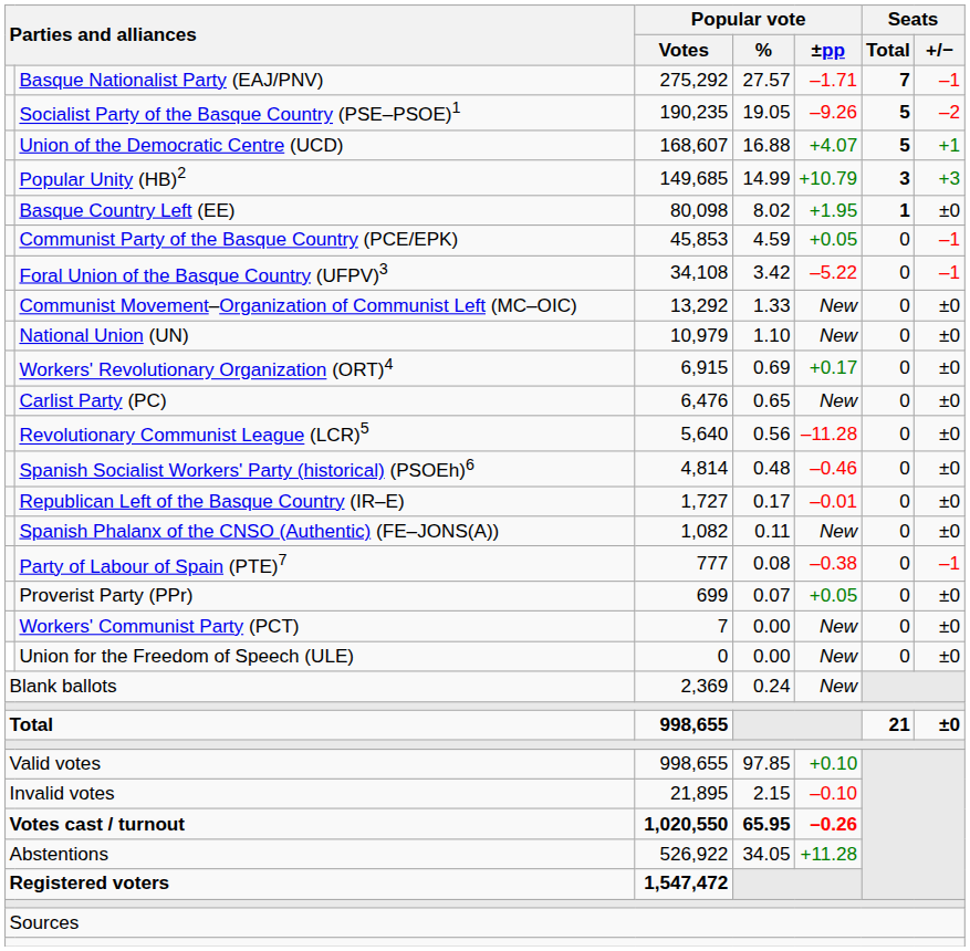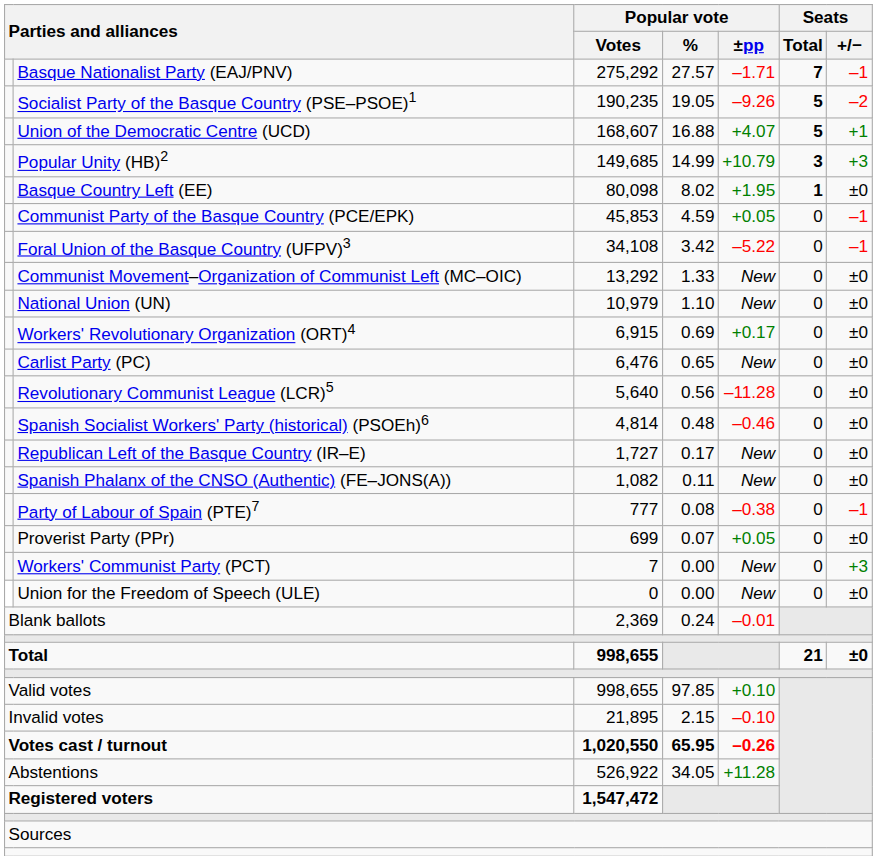 <table class="wikitable" style="text-align:right;">
 <tr>
 <th style="text-align:left;" rowspan="2" colspan="2" width="525">Parties and alliances</th>
 <th colspan="3">Popular vote</th>
 <th colspan="2">Seats</th>
 </tr>
 <tr>
 <th width="75">Votes</th>
 <th width="45">%</th>
 <th width="45">±<a href='#'>pp</a></th>
 <th width="35">Total</th>
 <th width="35">+/−</th>
 </tr>
 <tr>
 <td width="1" style="color:inherit;background:"></td>
 <td align="left"><a href='#'>Basque Nationalist Party</a> (EAJ/PNV)</td>
 <td>275,292</td>
 <td>27.57</td>
 <td style="color:red;">–1.71</td>
 <td><strong>7</strong></td>
 <td style="color:red;">–1</td>
 </tr>
 <tr>
 <td style="color:inherit;background:"></td>
 <td align="left"><a href='#'>Socialist Party of the Basque Country</a> (PSE–PSOE)<sup>1</sup></td>
 <td>190,235</td>
 <td>19.05</td>
 <td style="color:red;">–9.26</td>
 <td><strong>5</strong></td>
 <td style="color:red;">–2</td>
 </tr>
 <tr>
 <td style="color:inherit;background:"></td>
 <td align="left"><a href='#'>Union of the Democratic Centre</a> (UCD)</td>
 <td>168,607</td>
 <td>16.88</td>
 <td style="color:green;">+4.07</td>
 <td><strong>5</strong></td>
 <td style="color:green;">+1</td>
 </tr>
 <tr>
 <td style="color:inherit;background:"></td>
 <td align="left"><a href='#'>Popular Unity</a> (HB)<sup>2</sup></td>
 <td>149,685</td>
 <td>14.99</td>
 <td style="color:green;">+10.79</td>
 <td><strong>3</strong></td>
 <td style="color:green;">+3</td>
 </tr>
 <tr>
 <td style="color:inherit;background:"></td>
 <td align="left"><a href='#'>Basque Country Left</a> (EE)</td>
 <td>80,098</td>
 <td>8.02</td>
 <td style="color:green;">+1.95</td>
 <td><strong>1</strong></td>
 <td>±0</td>
 </tr>
 <tr>
 <td style="color:inherit;background:"></td>
 <td align="left"><a href='#'>Communist Party of the Basque Country</a> (PCE/EPK)</td>
 <td>45,853</td>
 <td>4.59</td>
 <td style="color:green;">+0.05</td>
 <td>0</td>
 <td style="color:red;">–1</td>
 </tr>
 <tr>
 <td style="color:inherit;background:"></td>
 <td align="left"><a href='#'>Foral Union of the Basque Country</a> (UFPV)<sup>3</sup></td>
 <td>34,108</td>
 <td>3.42</td>
 <td style="color:red;">–5.22</td>
 <td>0</td>
 <td style="color:red;">–1</td>
 </tr>
 <tr>
 <td style="color:inherit;background:"></td>
 <td align="left"><a href='#'>Communist Movement</a>–<a href='#'>Organization of Communist Left</a> (MC–OIC)</td>
 <td>13,292</td>
 <td>1.33</td>
 <td><em>New</em></td>
 <td>0</td>
 <td>±0</td>
 </tr>
 <tr>
 <td style="color:inherit;background:"></td>
 <td align="left"><a href='#'>National Union</a> (UN)</td>
 <td>10,979</td>
 <td>1.10</td>
 <td><em>New</em></td>
 <td>0</td>
 <td>±0</td>
 </tr>
 <tr>
 <td style="color:inherit;background:"></td>
 <td align="left"><a href='#'>Workers' Revolutionary Organization</a> (ORT)<sup>4</sup></td>
 <td>6,915</td>
 <td>0.69</td>
 <td style="color:green;">+0.17</td>
 <td>0</td>
 <td>±0</td>
 </tr>
 <tr>
 <td style="color:inherit;background:"></td>
 <td align="left"><a href='#'>Carlist Party</a> (PC)</td>
 <td>6,476</td>
 <td>0.65</td>
 <td><em>New</em></td>
 <td>0</td>
 <td>±0</td>
 </tr>
 <tr>
 <td style="color:inherit;background:"></td>
 <td align="left"><a href='#'>Revolutionary Communist League</a> (LCR)<sup>5</sup></td>
 <td>5,640</td>
 <td>0.56</td>
 <td style="color:red;">–11.28</td>
 <td>0</td>
 <td>±0</td>
 </tr>
 <tr>
 <td style="color:inherit;background:"></td>
 <td align="left"><a href='#'>Spanish Socialist Workers' Party (historical)</a> (PSOEh)<sup>6</sup></td>
 <td>4,814</td>
 <td>0.48</td>
 <td style="color:red;">–0.46</td>
 <td>0</td>
 <td>±0</td>
 </tr>
 <tr>
 <td style="color:inherit;background:"></td>
 <td align="left"><a href='#'>Republican Left of the Basque Country</a> (IR–E)</td>
 <td>1,727</td>
 <td>0.17</td>
-<td style="color:red;">–0.01</td>
+<td><em>New</em></td>
 <td>0</td>
 <td>±0</td>
 </tr>
 <tr>
 <td style="color:inherit;background:"></td>
 <td align="left"><a href='#'>Spanish Phalanx of the CNSO (Authentic)</a> (FE–JONS(A))</td>
 <td>1,082</td>
 <td>0.11</td>
 <td><em>New</em></td>
 <td>0</td>
 <td>±0</td>
 </tr>
 <tr>
 <td style="color:inherit;background:"></td>
 <td align="left"><a href='#'>Party of Labour of Spain</a> (PTE)<sup>7</sup></td>
 <td>777</td>
 <td>0.08</td>
 <td style="color:red;">–0.38</td>
 <td>0</td>
 <td style="color:red;">–1</td>
 </tr>
 <tr>
 <td style="color:inherit;background:"></td>
 <td align="left">Proverist Party (PPr)</td>
 <td>699</td>
 <td>0.07</td>
 <td style="color:green;">+0.05</td>
 <td>0</td>
 <td>±0</td>
 </tr>
 <tr>
 <td style="color:inherit;background:"></td>
 <td align="left"><a href='#'>Workers' Communist Party</a> (PCT)</td>
 <td>7</td>
 <td>0.00</td>
 <td><em>New</em></td>
 <td>0</td>
-<td>±0</td>
+<td style="color:green;">+3</td>
 </tr>
 <tr>
 <td bgcolor="white"></td>
 <td align="left">Union for the Freedom of Speech (ULE)</td>
 <td>0</td>
 <td>0.00</td>
 <td><em>New</em></td>
 <td>0</td>
 <td>±0</td>
 </tr>
 <tr>
 <td align="left" colspan="2">Blank ballots</td>
 <td>2,369</td>
 <td>0.24</td>
-<td><em>New</em></td>
+<td style="color:red;">–0.01</td>
 <td bgcolor="#E9E9E9" colspan="2"></td>
 </tr>
 <tr>
 <td colspan="7" bgcolor="#E9E9E9"></td>
 </tr>
 <tr style="font-weight:bold;">
 <td align="left" colspan="2">Total</td>
 <td>998,655</td>
 <td bgcolor="#E9E9E9" colspan="2"></td>
 <td>21</td>
 <td>±0</td>
 </tr>
 <tr>
 <td colspan="7" bgcolor="#E9E9E9"></td>
 </tr>
 <tr>
 <td align="left" colspan="2">Valid votes</td>
 <td>998,655</td>
 <td>97.85</td>
 <td style="color:green;">+0.10</td>
 <td bgcolor="#E9E9E9" colspan="2" rowspan="5"></td>
 </tr>
 <tr>
 <td align="left" colspan="2">Invalid votes</td>
 <td>21,895</td>
 <td>2.15</td>
 <td style="color:red;">–0.10</td>
 </tr>
 <tr style="font-weight:bold;">
 <td align="left" colspan="2">Votes cast / turnout</td>
 <td>1,020,550</td>
 <td>65.95</td>
 <td style="color:red;">–0.26</td>
 </tr>
 <tr>
 <td align="left" colspan="2">Abstentions</td>
 <td>526,922</td>
 <td>34.05</td>
 <td style="color:green;">+11.28</td>
 </tr>
 <tr style="font-weight:bold;">
 <td align="left" colspan="2">Registered voters</td>
 <td>1,547,472</td>
 <td bgcolor="#E9E9E9" colspan="2"></td>
 </tr>
 <tr>
 <td colspan="7" bgcolor="#E9E9E9"></td>
 </tr>
 <tr>
 <td align="left" colspan="7">Sources</td>
 </tr>
 <tr>
 <td colspan="7" style="text-align:left; max-width:790px;"></td>
 </tr>
 </table>
